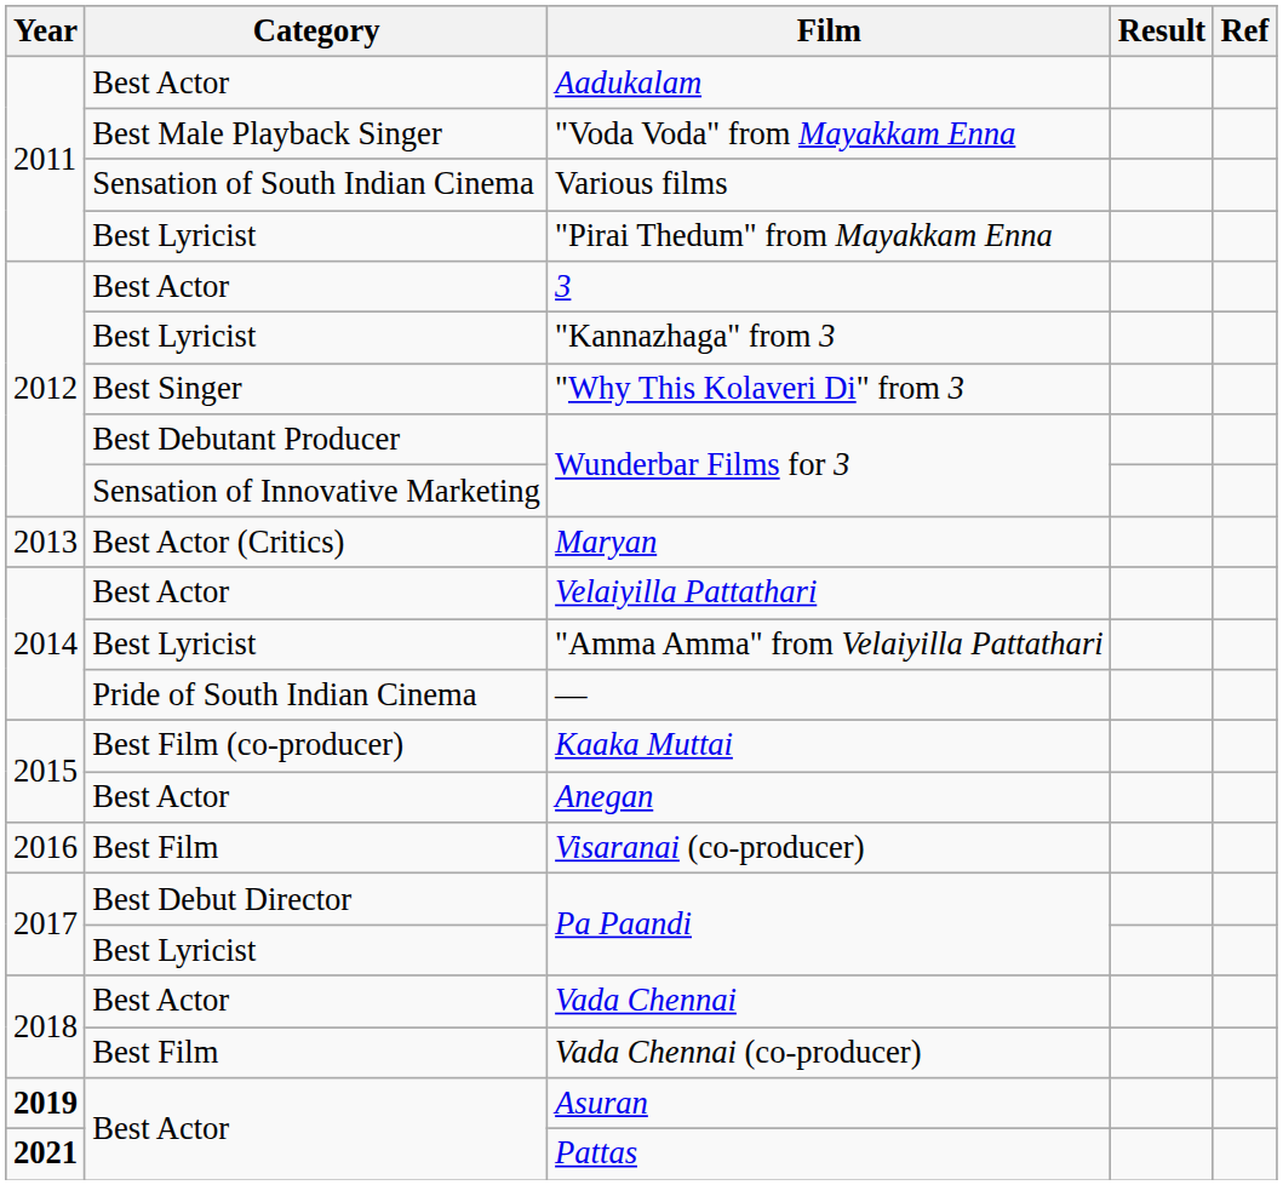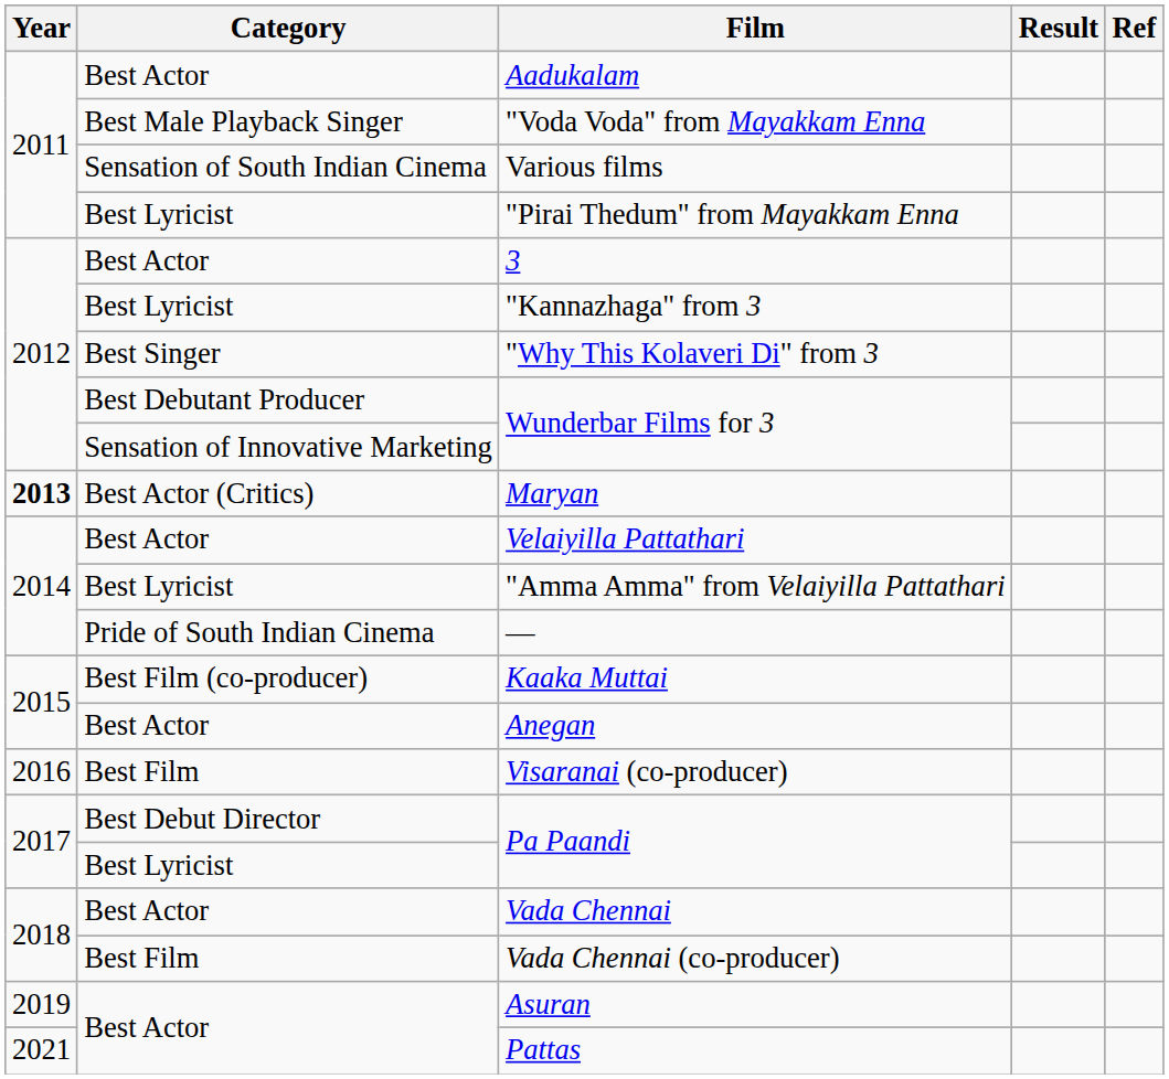 <table class="wikitable plainrowheaders sortable">
 <tr>
 <th>Year</th>
 <th>Category</th>
 <th>Film</th>
 <th>Result</th>
 <th>Ref</th>
 </tr>
 <tr>
 <td rowspan="4">2011</td>
 <td>Best Actor</td>
 <td><em><a href='#'>Aadukalam</a></em></td>
 <td></td>
 <td></td>
 </tr>
 <tr>
 <td>Best Male Playback Singer</td>
 <td>"Voda Voda" from <em><a href='#'>Mayakkam Enna</a></em></td>
 <td></td>
 <td></td>
 </tr>
 <tr>
 <td>Sensation of South Indian Cinema</td>
 <td>Various films</td>
 <td></td>
 <td></td>
 </tr>
 <tr>
 <td>Best Lyricist</td>
 <td>"Pirai Thedum" from <em>Mayakkam Enna</em></td>
 <td></td>
 <td></td>
 </tr>
 <tr>
 <td rowspan="5">2012</td>
 <td>Best Actor</td>
 <td><em><a href='#'>3</a></em></td>
 <td></td>
 <td></td>
 </tr>
 <tr>
 <td>Best Lyricist</td>
 <td>"Kannazhaga" from <em>3</em></td>
 <td></td>
 <td></td>
 </tr>
 <tr>
 <td>Best Singer</td>
 <td>"<a href='#'>Why This Kolaveri Di</a>" from <em>3</em></td>
 <td></td>
 <td></td>
 </tr>
 <tr>
 <td>Best Debutant Producer</td>
 <td rowspan="2"><a href='#'>Wunderbar Films</a> for <em>3</em></td>
 <td></td>
 <td></td>
 </tr>
 <tr>
 <td>Sensation of Innovative Marketing</td>
 <td></td>
 <td></td>
 </tr>
 <tr>
-<td>2013</td>
+<td><strong>2013</strong></td>
 <td>Best Actor (Critics)</td>
 <td><em><a href='#'>Maryan</a></em></td>
 <td></td>
 <td></td>
 </tr>
 <tr>
 <td rowspan="3">2014</td>
 <td>Best Actor</td>
 <td><em><a href='#'>Velaiyilla Pattathari</a></em></td>
 <td></td>
 <td></td>
 </tr>
 <tr>
 <td>Best Lyricist</td>
 <td>"Amma Amma" from <em>Velaiyilla Pattathari</em></td>
 <td></td>
 <td></td>
 </tr>
 <tr>
 <td>Pride of South Indian Cinema</td>
 <td>—</td>
 <td></td>
 <td></td>
 </tr>
 <tr>
 <td rowspan="2">2015</td>
 <td>Best Film (co-producer)</td>
 <td><em><a href='#'>Kaaka Muttai</a></em></td>
 <td></td>
 <td></td>
 </tr>
 <tr>
 <td>Best Actor</td>
 <td><em><a href='#'>Anegan</a></em></td>
 <td></td>
 <td></td>
 </tr>
 <tr>
 <td>2016</td>
 <td>Best Film</td>
 <td><em><a href='#'>Visaranai</a></em> (co-producer)</td>
 <td></td>
 <td></td>
 </tr>
 <tr>
 <td rowspan="2">2017</td>
 <td>Best Debut Director</td>
 <td rowspan="2"><em><a href='#'>Pa Paandi</a></em></td>
 <td></td>
 <td></td>
 </tr>
 <tr>
 <td>Best Lyricist</td>
 <td></td>
 <td></td>
 </tr>
 <tr>
 <td rowspan="2">2018</td>
 <td>Best Actor</td>
 <td><em><a href='#'>Vada Chennai</a></em></td>
 <td></td>
 <td></td>
 </tr>
 <tr>
 <td>Best Film</td>
 <td><em>Vada Chennai</em> (co-producer)</td>
 <td></td>
 <td></td>
 </tr>
 <tr>
-<td rowspan="1"><strong>2019</strong></td>
+<td rowspan="1">2019</td>
 <td rowspan="2">Best Actor</td>
 <td><em><a href='#'>Asuran</a></em></td>
 <td></td>
 </tr>
 <tr>
-<td rowspan="1"><strong>2021</strong></td>
+<td rowspan="1">2021</td>
 <td><em><a href='#'>Pattas</a></em></td>
 <td></td>
 <td></td>
 </tr>
 </table>
